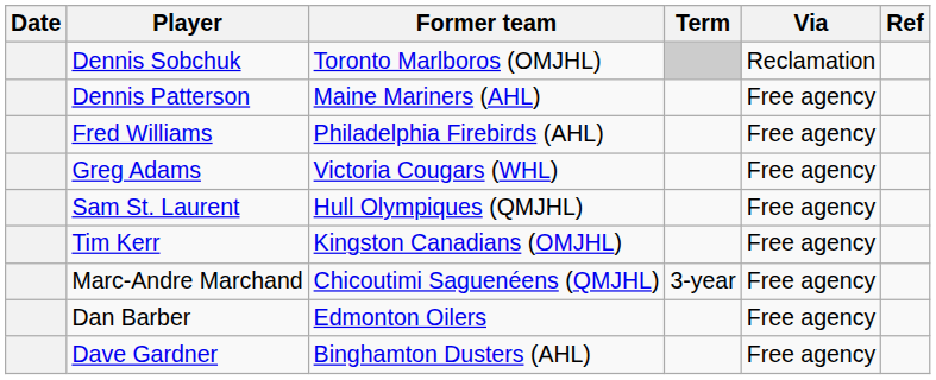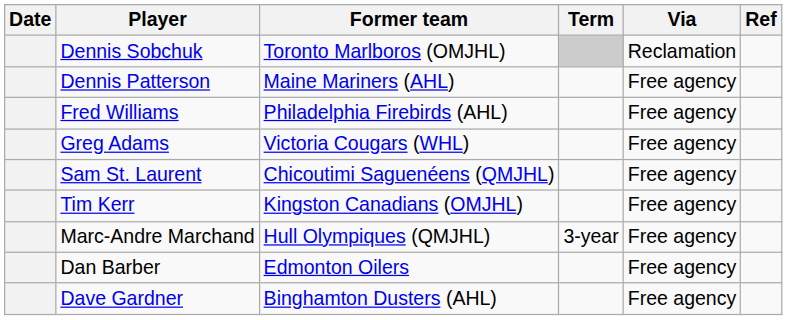 <table class="wikitable plainrowheaders">
 <tr style="background:#ddd; text-align:center;">
 <th>Date</th>
 <th>Player</th>
 <th>Former team</th>
 <th>Term</th>
 <th>Via</th>
 <th>Ref</th>
 </tr>
 <tr>
 <th scope="row"></th>
 <td><a href='#'>Dennis Sobchuk</a></td>
 <td><a href='#'>Toronto Marlboros</a> (OMJHL)</td>
 <td style="background:#ccc"></td>
 <td>Reclamation</td>
 <td></td>
 </tr>
 <tr>
 <th scope="row"></th>
 <td><a href='#'>Dennis Patterson</a></td>
 <td><a href='#'>Maine Mariners</a> (<a href='#'>AHL</a>)</td>
 <td></td>
 <td>Free agency</td>
 <td></td>
 </tr>
 <tr>
 <th scope="row"></th>
 <td><a href='#'>Fred Williams</a></td>
 <td><a href='#'>Philadelphia Firebirds</a> (AHL)</td>
 <td></td>
 <td>Free agency</td>
 <td></td>
 </tr>
 <tr>
 <th scope="row"></th>
 <td><a href='#'>Greg Adams</a></td>
 <td><a href='#'>Victoria Cougars</a> (<a href='#'>WHL</a>)</td>
 <td></td>
 <td>Free agency</td>
 <td></td>
 </tr>
 <tr>
 <th scope="row"></th>
 <td><a href='#'>Sam St. Laurent</a></td>
-<td><a href='#'>Hull Olympiques</a> (QMJHL)</td>
+<td><a href='#'>Chicoutimi Saguenéens</a> (<a href='#'>QMJHL</a>)</td>
 <td></td>
 <td>Free agency</td>
 <td></td>
 </tr>
 <tr>
 <th scope="row"></th>
 <td><a href='#'>Tim Kerr</a></td>
 <td><a href='#'>Kingston Canadians</a> (<a href='#'>OMJHL</a>)</td>
 <td></td>
 <td>Free agency</td>
 <td></td>
 </tr>
 <tr>
 <th scope="row"></th>
 <td>Marc-Andre Marchand</td>
-<td><a href='#'>Chicoutimi Saguenéens</a> (<a href='#'>QMJHL</a>)</td>
+<td><a href='#'>Hull Olympiques</a> (QMJHL)</td>
 <td>3-year</td>
 <td>Free agency</td>
 <td></td>
 </tr>
 <tr>
 <th scope="row"></th>
 <td>Dan Barber</td>
 <td><a href='#'>Edmonton Oilers</a></td>
 <td></td>
 <td>Free agency</td>
 <td></td>
 </tr>
 <tr>
 <th scope="row"></th>
 <td><a href='#'>Dave Gardner</a></td>
 <td><a href='#'>Binghamton Dusters</a> (AHL)</td>
 <td></td>
 <td>Free agency</td>
 <td></td>
 </tr>
 </table>
